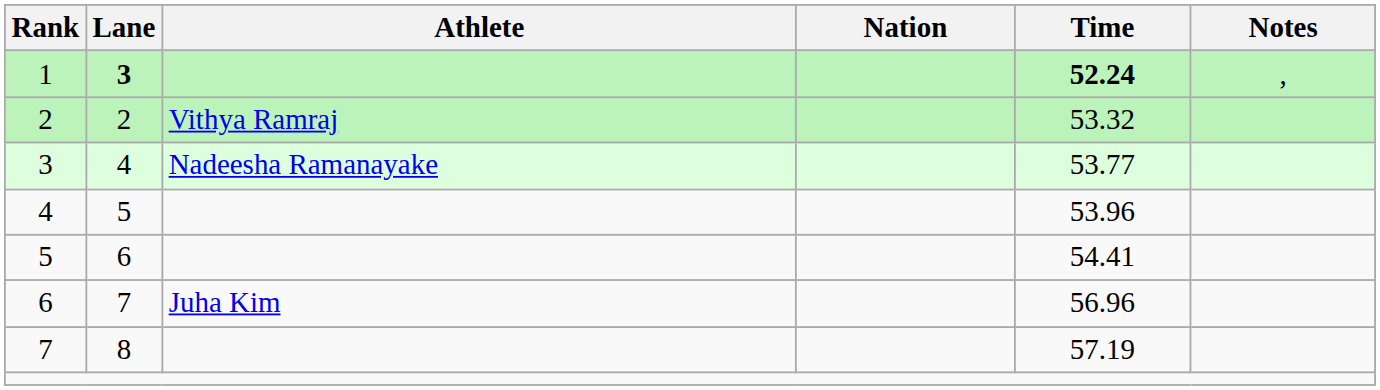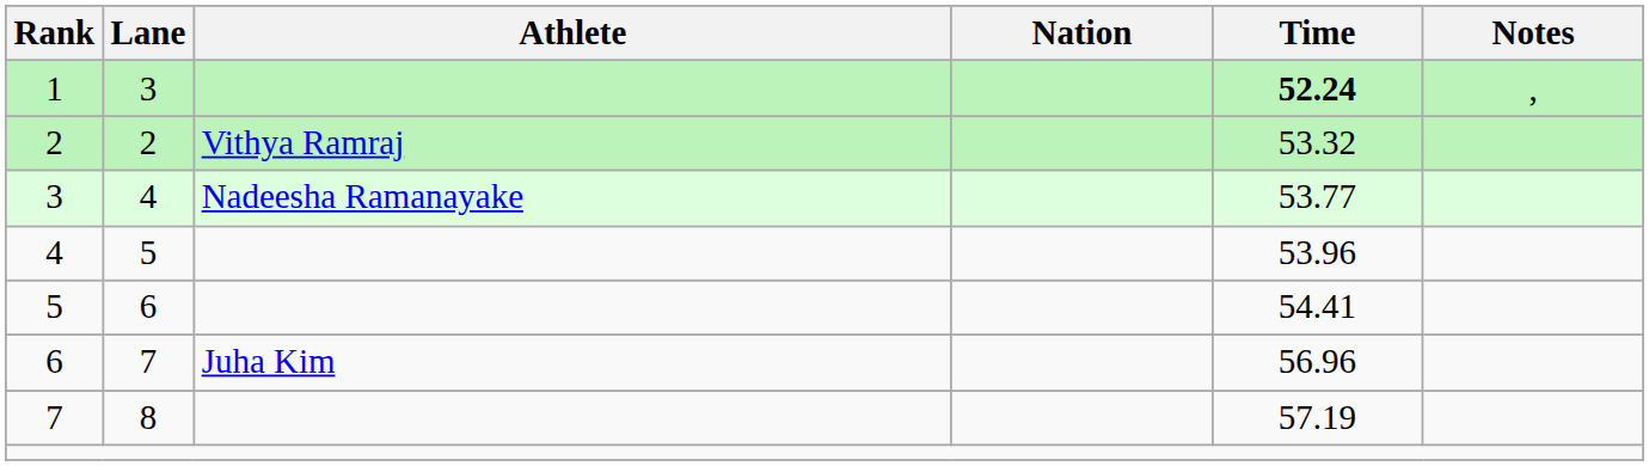 <table class="wikitable sortable" style="text-align:center;width: 60%;">
 <tr>
 <th scope="col" style="width: 10px;">Rank</th>
 <th scope="col" style="width: 10px;">Lane</th>
 <th scope="col">Athlete</th>
 <th scope="col">Nation</th>
 <th scope="col">Time</th>
 <th scope="col">Notes</th>
 </tr>
 <tr bgcolor=bbf3bb>
 <td>1</td>
-<td><strong>3</strong></td>
+<td>3</td>
 <td align="left"></td>
 <td align="left"></td>
 <td><strong>52.24</strong></td>
 <td>, </td>
 </tr>
 <tr bgcolor=bbf3bb>
 <td>2</td>
 <td>2</td>
 <td align="left"><a href='#'>Vithya Ramraj</a></td>
 <td align="left"></td>
 <td>53.32</td>
 <td></td>
 </tr>
 <tr bgcolor=ddffdd>
 <td>3</td>
 <td>4</td>
 <td align=left><a href='#'>Nadeesha Ramanayake</a></td>
 <td align=left></td>
 <td>53.77</td>
 <td></td>
 </tr>
 <tr>
 <td>4</td>
 <td>5</td>
 <td align=left></td>
 <td align=left></td>
 <td>53.96</td>
 <td></td>
 </tr>
 <tr>
 <td>5</td>
 <td>6</td>
 <td align=left></td>
 <td align=left></td>
 <td>54.41</td>
 <td></td>
 </tr>
 <tr>
 <td>6</td>
 <td>7</td>
 <td align=left><a href='#'>Juha Kim</a></td>
 <td align=left></td>
 <td>56.96</td>
 <td></td>
 </tr>
 <tr>
 <td>7</td>
 <td>8</td>
 <td align=left></td>
 <td align=left></td>
 <td>57.19</td>
 <td></td>
 </tr>
 <tr class="sortbottom">
 <td colspan="6"></td>
 </tr>
 </table>
